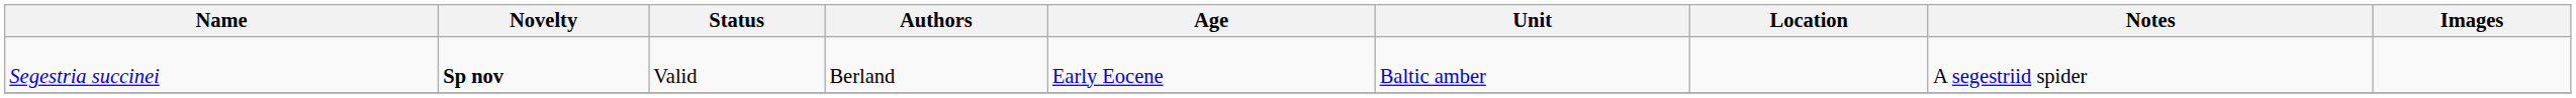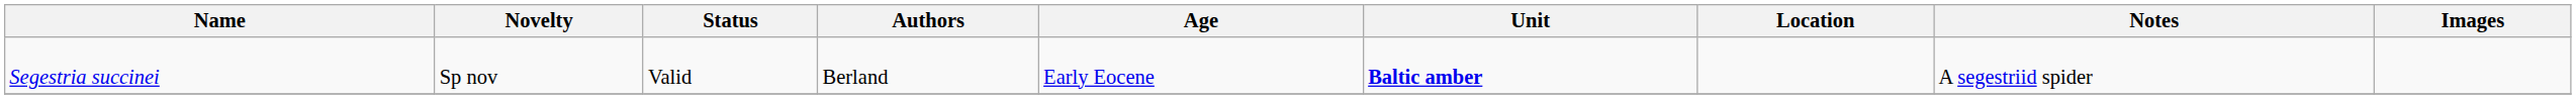 <table class="wikitable sortable" align="center" width="100%">
 <tr>
 <th>Name</th>
 <th>Novelty</th>
 <th>Status</th>
 <th>Authors</th>
 <th>Age</th>
 <th>Unit</th>
 <th>Location</th>
 <th>Notes</th>
 <th>Images</th>
 </tr>
 <tr>
 <td><br><em><a href='#'>Segestria succinei</a></em></td>
-<td><strong><br>Sp nov</strong></td>
+<td><br>Sp nov</td>
 <td><br>Valid</td>
 <td><br>Berland</td>
 <td><br><a href='#'>Early Eocene</a></td>
-<td><br><a href='#'>Baltic amber</a></td>
+<td><strong><br><a href='#'>Baltic amber</a></strong></td>
 <td><br></td>
 <td><br>A <a href='#'>segestriid</a> spider</td>
 <td><br></td>
 </tr>
 <tr>
 </tr>
 </table>
